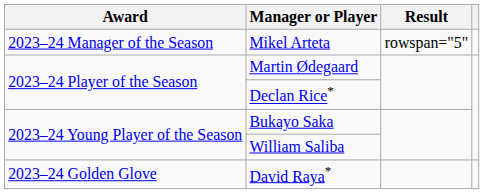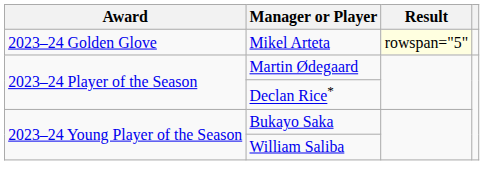 <table class="wikitable" style="text-align:center;">
 <tr>
 <th>Award</th>
 <th>Manager or Player</th>
 <th>Result</th>
 <th></th>
 </tr>
 <tr>
-<td style="text-align:left;"><a href='#'>2023–24 Manager of the Season</a></td>
+<td style="text-align:left;"><a href='#'>2023–24 Golden Glove</a></td>
 <td style="text-align:left;"> <a href='#'>Mikel Arteta</a></td>
-<td>rowspan="5" </td>
+<td style="background: lightyellow;">rowspan="5" </td>
 <td></td>
 </tr>
 <tr>
 <td rowspan="2" style="text-align:left;"><a href='#'>2023–24 Player of the Season</a></td>
 <td style="text-align:left;"> <a href='#'>Martin Ødegaard</a></td>
 <td rowspan="2"></td>
 </tr>
 <tr>
 <td style="text-align:left;"> <a href='#'>Declan Rice</a><sup>*</sup></td>
 </tr>
 <tr>
 <td rowspan="2" style="text-align:left;"><a href='#'>2023–24 Young Player of the Season</a></td>
 <td style="text-align:left;"> <a href='#'>Bukayo Saka</a></td>
 <td rowspan="2"></td>
 </tr>
 <tr>
 <td style="text-align:left;"> <a href='#'>William Saliba</a></td>
 </tr>
-<tr>
-<td style="text-align:left;"><a href='#'>2023–24 Golden Glove</a></td>
-<td style="text-align:left;"> <a href='#'>David Raya</a><sup>*</sup></td>
-<td></td>
-<td></td>
-</tr>
 </table>
